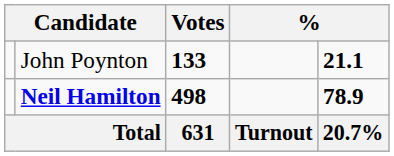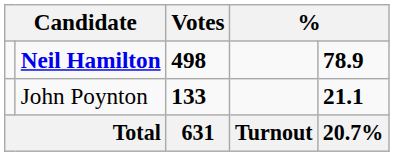 <table class="wikitable plainrowheaders">
 <tr>
 <th colspan="2">Candidate</th>
 <th>Votes</th>
 <th colspan="2">%</th>
+</tr>
+<tr>
+<td style="background:"></td>
+<td> <strong><a href='#'>Neil Hamilton</a></strong></td>
+<td><strong>498</strong></td>
+<td></td>
+<td><strong>78.9</strong></td>
 </tr>
 <tr>
 <td style="background:"></td>
 <td>John Poynton</td>
 <td><strong>133</strong></td>
 <td></td>
 <td><strong>21.1</strong></td>
 </tr>
 <tr>
-<td style="background:"></td>
-<td> <strong><a href='#'>Neil Hamilton</a></strong></td>
-<td><strong>498</strong></td>
-<td></td>
-<td><strong>78.9</strong></td>
-</tr>
-<tr>
 <th style="font-size:95%; text-align:right;" colspan="2">Total</th>
 <th style="font-size:95%;">631</th>
 <th style="font-size:95%; text-align:right;">Turnout</th>
 <th style="font-size:95%;">20.7%</th>
 </tr>
 </table>
